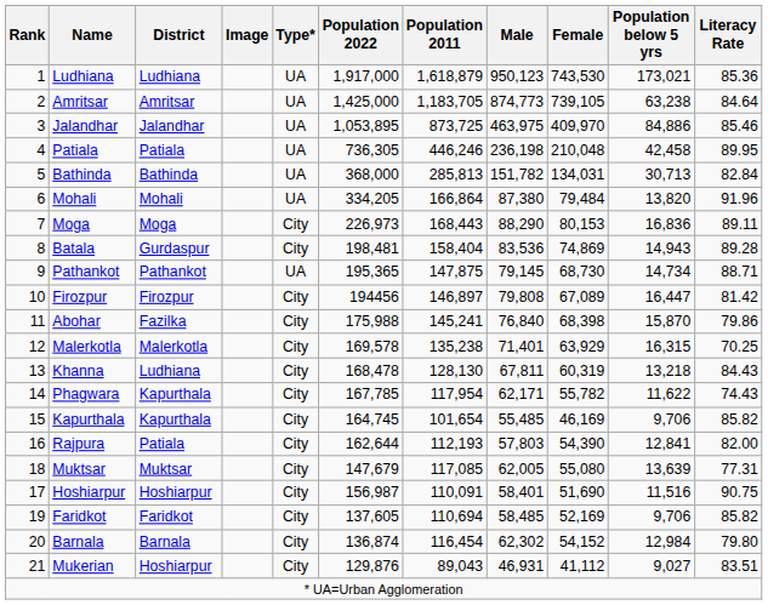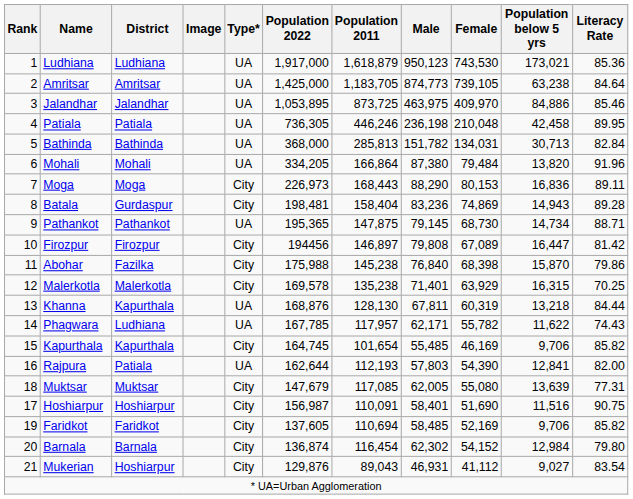 <table class="sortable wikitable" style="text-align:center;font-size: 9pt;font-color:red">
 <tr>
 <th rowspan="1">Rank</th>
 <th width="150" rowspan="1">Name</th>
 <th width="150" rowspan="1">District</th>
 <th rowspan="1">Image</th>
 <th rowspan="1">Type*</th>
 <th rowspan="1">Population 2022</th>
 <th rowspan="1">Population 2011</th>
 <th rowspan="1">Male</th>
 <th rowspan="1">Female</th>
 <th width="90" rowspan="1">Population<br> below 5 yrs</th>
 <th width="90" rowspan="1">Literacy Rate</th>
 </tr>
 <tr>
 <td align="right">1</td>
 <td align=left><a href='#'>Ludhiana</a></td>
 <td align=left><a href='#'>Ludhiana</a></td>
 <td></td>
 <td>UA</td>
 <td align="right">1,917,000</td>
 <td align="right">1,618,879</td>
 <td align="right">950,123</td>
 <td align="right">743,530</td>
 <td align="right">173,021</td>
 <td align="right">85.36</td>
 </tr>
 <tr>
 <td align="right">2</td>
 <td align=left><a href='#'>Amritsar</a></td>
 <td align=left><a href='#'>Amritsar</a></td>
 <td></td>
 <td>UA</td>
 <td align="right">1,425,000</td>
 <td align="right">1,183,705</td>
 <td align="right">874,773</td>
 <td align="right">739,105</td>
 <td align="right">63,238</td>
 <td align="right">84.64</td>
 </tr>
 <tr>
 <td align="right">3</td>
 <td align=left><a href='#'>Jalandhar</a></td>
 <td align=left><a href='#'>Jalandhar</a></td>
 <td></td>
 <td>UA</td>
 <td align="right">1,053,895</td>
 <td align="right">873,725</td>
 <td align="right">463,975</td>
 <td align="right">409,970</td>
 <td align="right">84,886</td>
 <td align="right">85.46</td>
 </tr>
 <tr>
 <td align="right">4</td>
 <td align=left><a href='#'>Patiala</a></td>
 <td align=left><a href='#'>Patiala</a></td>
 <td></td>
 <td>UA</td>
 <td align="right">736,305</td>
 <td align="right">446,246</td>
 <td align="right">236,198</td>
 <td align="right">210,048</td>
 <td align="right">42,458</td>
 <td align="right">89.95</td>
 </tr>
 <tr>
 <td align="right">5</td>
 <td align=left><a href='#'>Bathinda</a></td>
 <td align=left><a href='#'>Bathinda</a></td>
 <td></td>
 <td>UA</td>
 <td align="right">368,000</td>
 <td align="right">285,813</td>
 <td align="right">151,782</td>
 <td align="right">134,031</td>
 <td align="right">30,713</td>
 <td align="right">82.84</td>
 </tr>
 <tr>
 <td align="right">6</td>
 <td align=left><a href='#'>Mohali</a></td>
 <td align=left><a href='#'>Mohali</a></td>
 <td></td>
 <td>UA</td>
 <td align="right">334,205</td>
 <td align="right">166,864</td>
 <td align="right">87,380</td>
 <td align="right">79,484</td>
 <td align="right">13,820</td>
 <td align="right">91.96</td>
 </tr>
 <tr>
 <td align="right">7</td>
 <td align=left><a href='#'>Moga</a></td>
 <td align=left><a href='#'>Moga</a></td>
 <td></td>
 <td>City</td>
 <td align="right">226,973</td>
 <td align="right">168,443</td>
 <td align="right">88,290</td>
 <td align="right">80,153</td>
 <td align="right">16,836</td>
 <td align="right">89.11</td>
 </tr>
 <tr>
 <td align="right">8</td>
 <td align=left><a href='#'>Batala</a></td>
 <td align=left><a href='#'>Gurdaspur</a></td>
 <td></td>
 <td>City</td>
 <td align="right">198,481</td>
 <td align="right">158,404</td>
-<td align="right">83,536</td>
+<td align="right">83,236</td>
 <td align="right">74,869</td>
 <td align="right">14,943</td>
 <td align="right">89.28</td>
 </tr>
 <tr>
 <td align="right">9</td>
 <td align=left><a href='#'>Pathankot</a></td>
 <td align=left><a href='#'>Pathankot</a></td>
 <td></td>
 <td>UA</td>
 <td align="right">195,365</td>
 <td align="right">147,875</td>
 <td align="right">79,145</td>
 <td align="right">68,730</td>
 <td align="right">14,734</td>
 <td align="right">88.71</td>
 </tr>
 <tr>
 <td align="right">10</td>
 <td align=left><a href='#'>Firozpur</a></td>
 <td align=left><a href='#'>Firozpur</a></td>
 <td></td>
 <td>City</td>
 <td align="right">194456</td>
 <td align="right">146,897</td>
 <td align="right">79,808</td>
 <td align="right">67,089</td>
 <td align="right">16,447</td>
 <td align="right">81.42</td>
 </tr>
 <tr>
 <td align="right">11</td>
 <td align=left><a href='#'>Abohar</a></td>
 <td align=left><a href='#'>Fazilka</a></td>
 <td></td>
 <td>City</td>
 <td align="right">175,988</td>
-<td align="right">145,241</td>
+<td align="right">145,238</td>
 <td align="right">76,840</td>
 <td align="right">68,398</td>
 <td align="right">15,870</td>
 <td align="right">79.86</td>
 </tr>
 <tr>
 <td align="right">12</td>
 <td align=left><a href='#'>Malerkotla</a></td>
 <td align=left><a href='#'>Malerkotla</a></td>
 <td></td>
 <td>City</td>
 <td align="right">169,578</td>
 <td align="right">135,238</td>
 <td align="right">71,401</td>
 <td align="right">63,929</td>
 <td align="right">16,315</td>
 <td align="right">70.25</td>
 </tr>
 <tr>
 <td align="right">13</td>
 <td align=left><a href='#'>Khanna</a></td>
-<td align=left><a href='#'>Ludhiana</a></td>
+<td align=left><a href='#'>Kapurthala</a></td>
 <td></td>
-<td>City</td>
-<td align="right">168,478</td>
+<td>UA</td>
+<td align="right">168,876</td>
 <td align="right">128,130</td>
 <td align="right">67,811</td>
 <td align="right">60,319</td>
 <td align="right">13,218</td>
-<td align="right">84.43</td>
+<td align="right">84.44</td>
 </tr>
 <tr>
 <td align="right">14</td>
 <td align=left><a href='#'>Phagwara</a></td>
-<td align=left><a href='#'>Kapurthala</a></td>
+<td align=left><a href='#'>Ludhiana</a></td>
 <td></td>
-<td>City</td>
+<td>UA</td>
 <td align="right">167,785</td>
-<td align="right">117,954</td>
+<td align="right">117,957</td>
 <td align="right">62,171</td>
 <td align="right">55,782</td>
 <td align="right">11,622</td>
 <td align="right">74.43</td>
 </tr>
 <tr>
 <td align="right">15</td>
 <td align="left"><a href='#'>Kapurthala</a></td>
 <td align="left"><a href='#'>Kapurthala</a></td>
 <td></td>
 <td>City</td>
 <td align="right">164,745</td>
 <td align="right">101,654</td>
 <td align="right">55,485</td>
 <td align="right">46,169</td>
 <td align="right">9,706</td>
 <td align="right">85.82</td>
 </tr>
 <tr>
 <td align="right">16</td>
 <td align="left"><a href='#'>Rajpura</a></td>
 <td align="left"><a href='#'>Patiala</a></td>
 <td></td>
-<td>City</td>
+<td>UA</td>
 <td align="right">162,644</td>
 <td align="right">112,193</td>
 <td align="right">57,803</td>
 <td align="right">54,390</td>
 <td align="right">12,841</td>
 <td align="right">82.00</td>
 </tr>
 <tr>
 <td align="right">18</td>
 <td align="left"><a href='#'>Muktsar</a></td>
 <td align="left"><a href='#'>Muktsar</a></td>
 <td></td>
 <td>City</td>
 <td align="right">147,679</td>
 <td align="right">117,085</td>
 <td align="right">62,005</td>
 <td align="right">55,080</td>
 <td align="right">13,639</td>
 <td align="right">77.31</td>
 </tr>
 <tr>
 <td align="right">17</td>
 <td align=left><a href='#'>Hoshiarpur</a></td>
 <td align=left><a href='#'>Hoshiarpur</a></td>
 <td></td>
 <td>City</td>
 <td align="right">156,987</td>
 <td align="right">110,091</td>
 <td align="right">58,401</td>
 <td align="right">51,690</td>
 <td align="right">11,516</td>
 <td align="right">90.75</td>
 </tr>
 <tr>
 <td align="right">19</td>
 <td align="left"><a href='#'>Faridkot</a></td>
 <td align="left"><a href='#'>Faridkot</a></td>
 <td></td>
 <td>City</td>
 <td align="right">137,605</td>
 <td align="right">110,694</td>
 <td align="right">58,485</td>
 <td align="right">52,169</td>
 <td align="right">9,706</td>
 <td align="right">85.82</td>
 </tr>
 <tr>
 <td align="right">20</td>
 <td align="left"><a href='#'>Barnala</a></td>
 <td align="left"><a href='#'>Barnala</a></td>
 <td></td>
 <td>City</td>
 <td align="right">136,874</td>
 <td align="right">116,454</td>
 <td align="right">62,302</td>
 <td align="right">54,152</td>
 <td align="right">12,984</td>
 <td align="right">79.80</td>
 </tr>
 <tr>
 <td align="right">21</td>
 <td align=left><a href='#'>Mukerian</a></td>
 <td align=left><a href='#'>Hoshiarpur</a></td>
 <td><br></td>
 <td>City</td>
 <td align="right">129,876</td>
 <td align="right">89,043</td>
 <td align="right">46,931</td>
 <td align="right">41,112</td>
 <td align="right">9,027</td>
-<td align="right">83.51</td>
+<td align="right">83.54</td>
 </tr>
 <tr>
 <td colspan="29" align="center" style="font-size: 8pt">* UA=Urban Agglomeration</td>
 </tr>
 </table>
